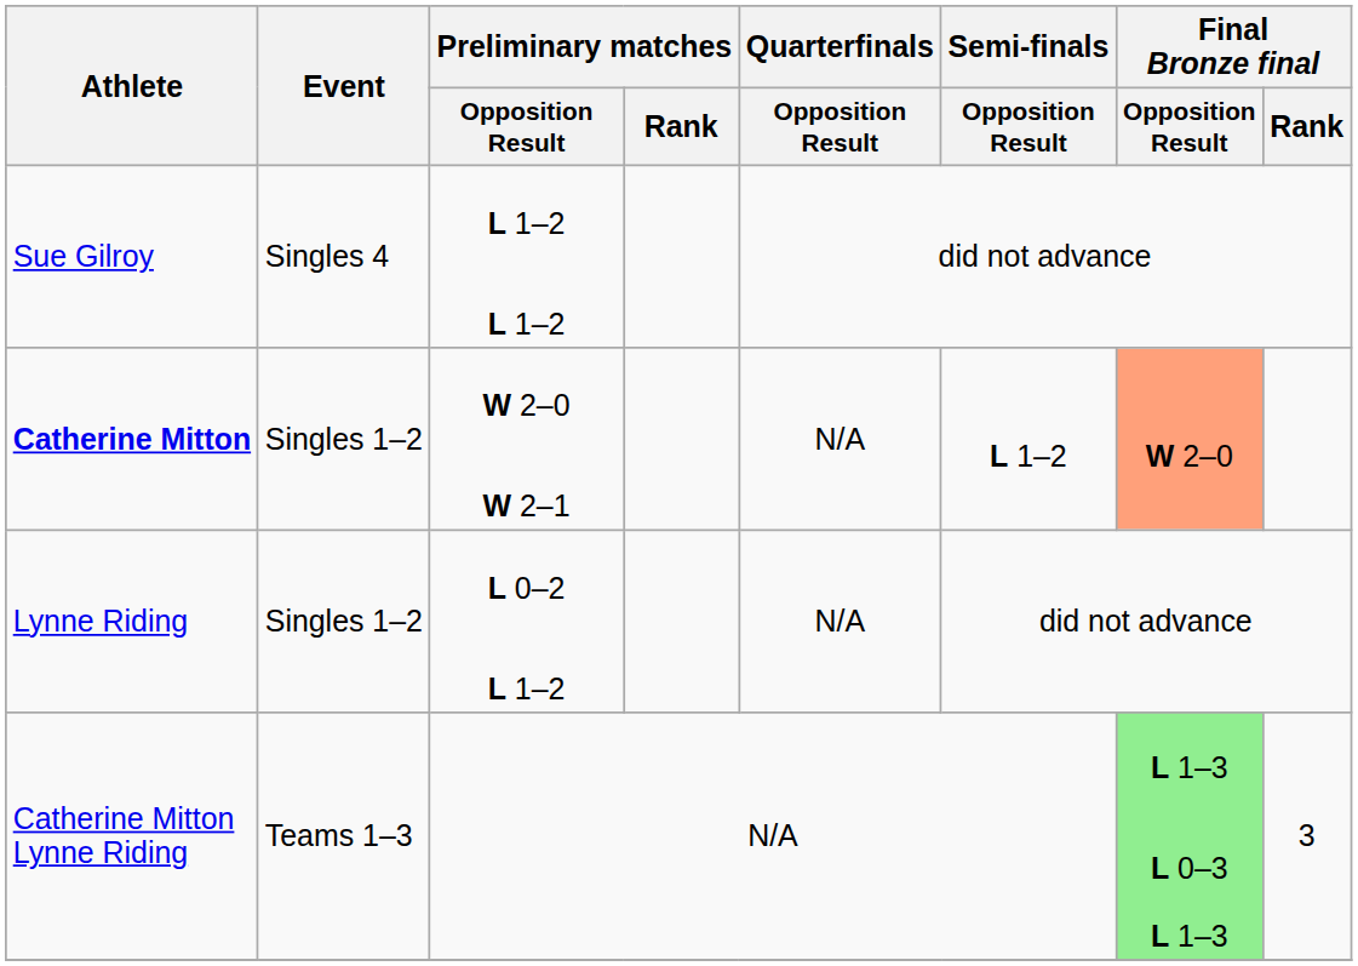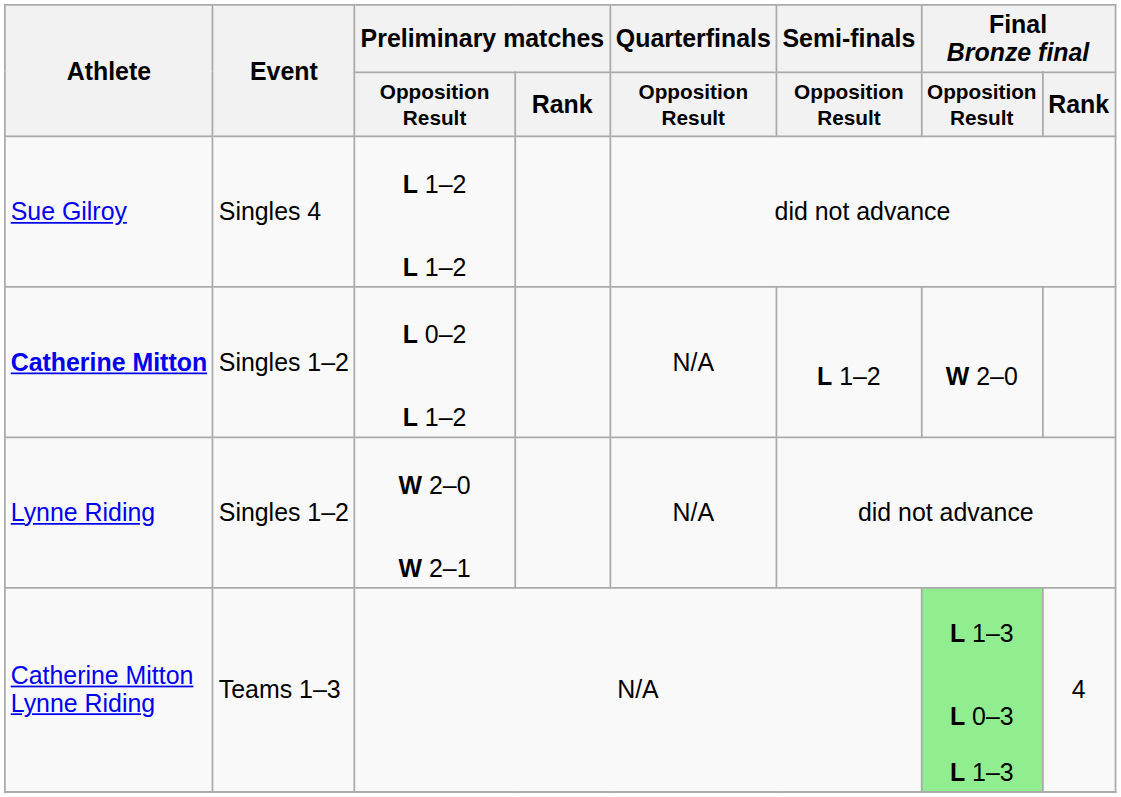 <table class=wikitable style="font-size:90%">
 <tr>
 <th rowspan="2">Athlete</th>
 <th rowspan="2">Event</th>
 <th colspan="2">Preliminary matches</th>
 <th>Quarterfinals</th>
 <th>Semi-finals</th>
 <th colspan="2">Final<br><em>Bronze final</em></th>
 </tr>
 <tr>
 <th style="line-height:1em"><small>Opposition<br>Result</small></th>
 <th>Rank</th>
 <th style="line-height:1em"><small>Opposition<br>Result</small></th>
 <th style="line-height:1em"><small>Opposition<br>Result</small></th>
 <th style="line-height:1em"><small>Opposition<br>Result</small></th>
 <th>Rank</th>
 </tr>
 <tr>
 <td><a href='#'>Sue Gilroy</a></td>
 <td>Singles 4</td>
 <td align="center"><br> <strong>L</strong> 1–2<br><br><br> <strong>L</strong> 1–2</td>
 <td align="center"></td>
 <td align="center" colspan="4">did not advance</td>
 </tr>
 <tr>
 <td><strong><a href='#'>Catherine Mitton</a></strong></td>
 <td>Singles 1–2</td>
-<td align="center"><br> <strong>W</strong> 2–0<br><br><br> <strong>W</strong> 2–1</td>
+<td align="center"><br> <strong>L</strong> 0–2<br><br><br> <strong>L</strong> 1–2</td>
 <td align="center"></td>
 <td align="center">N/A</td>
 <td align="center"><br> <strong>L</strong> 1–2</td>
-<td align="center" style="background: lightsalmon;"><br> <strong>W</strong> 2–0</td>
+<td align="center"><br> <strong>W</strong> 2–0</td>
 <td align="center"></td>
 </tr>
 <tr>
 <td><a href='#'>Lynne Riding</a></td>
 <td>Singles 1–2</td>
-<td align="center"><br> <strong>L</strong> 0–2<br><br><br> <strong>L</strong> 1–2</td>
+<td align="center"><br> <strong>W</strong> 2–0<br><br><br> <strong>W</strong> 2–1</td>
 <td align="center"></td>
 <td align="center">N/A</td>
 <td align="center" colspan="3">did not advance</td>
 </tr>
 <tr>
 <td><a href='#'>Catherine Mitton</a><br><a href='#'>Lynne Riding</a></td>
 <td>Teams 1–3</td>
 <td colspan="4" align="center">N/A</td>
 <td align="center" style="background: lightgreen;"><br> <strong>L</strong> 1–3<br><br><br> <strong>L</strong> 0–3<br> <br> <strong>L</strong> 1–3</td>
-<td align="center">3</td>
+<td align="center">4</td>
 </tr>
 <tr>
 </tr>
 </table>
